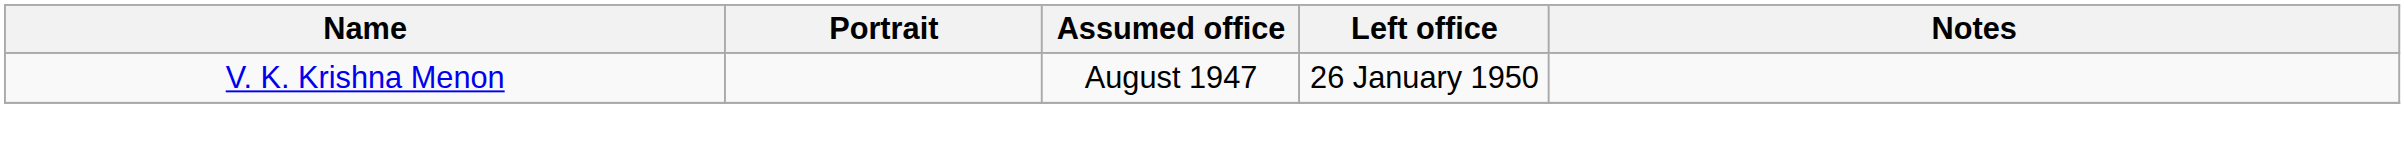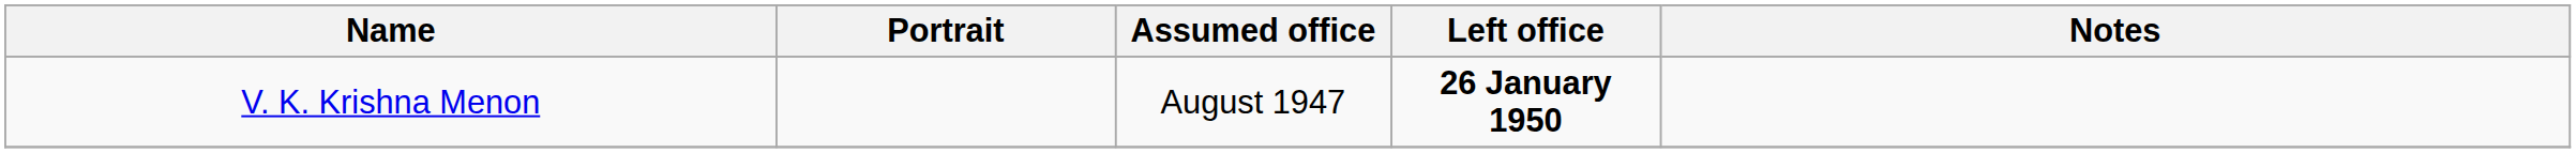 <table class="wikitable" style="text-align:center">
 <tr style="background:#cccccc">
 <th scope="col" style="width: 500px;">Name</th>
 <th scope="col" style="width: 200px;">Portrait</th>
 <th scope="col" style="width: 150px;">Assumed office</th>
 <th scope="col" style="width: 150px;">Left office</th>
 <th scope="col" style="width: 600px;">Notes</th>
 </tr>
 <tr>
 <td><a href='#'>V. K. Krishna Menon</a></td>
 <td></td>
 <td>August 1947</td>
-<td>26 January 1950</td>
+<td><strong>26 January 1950</strong></td>
 <td></td>
 </tr>
 <tr>
 </tr>
 </table>
